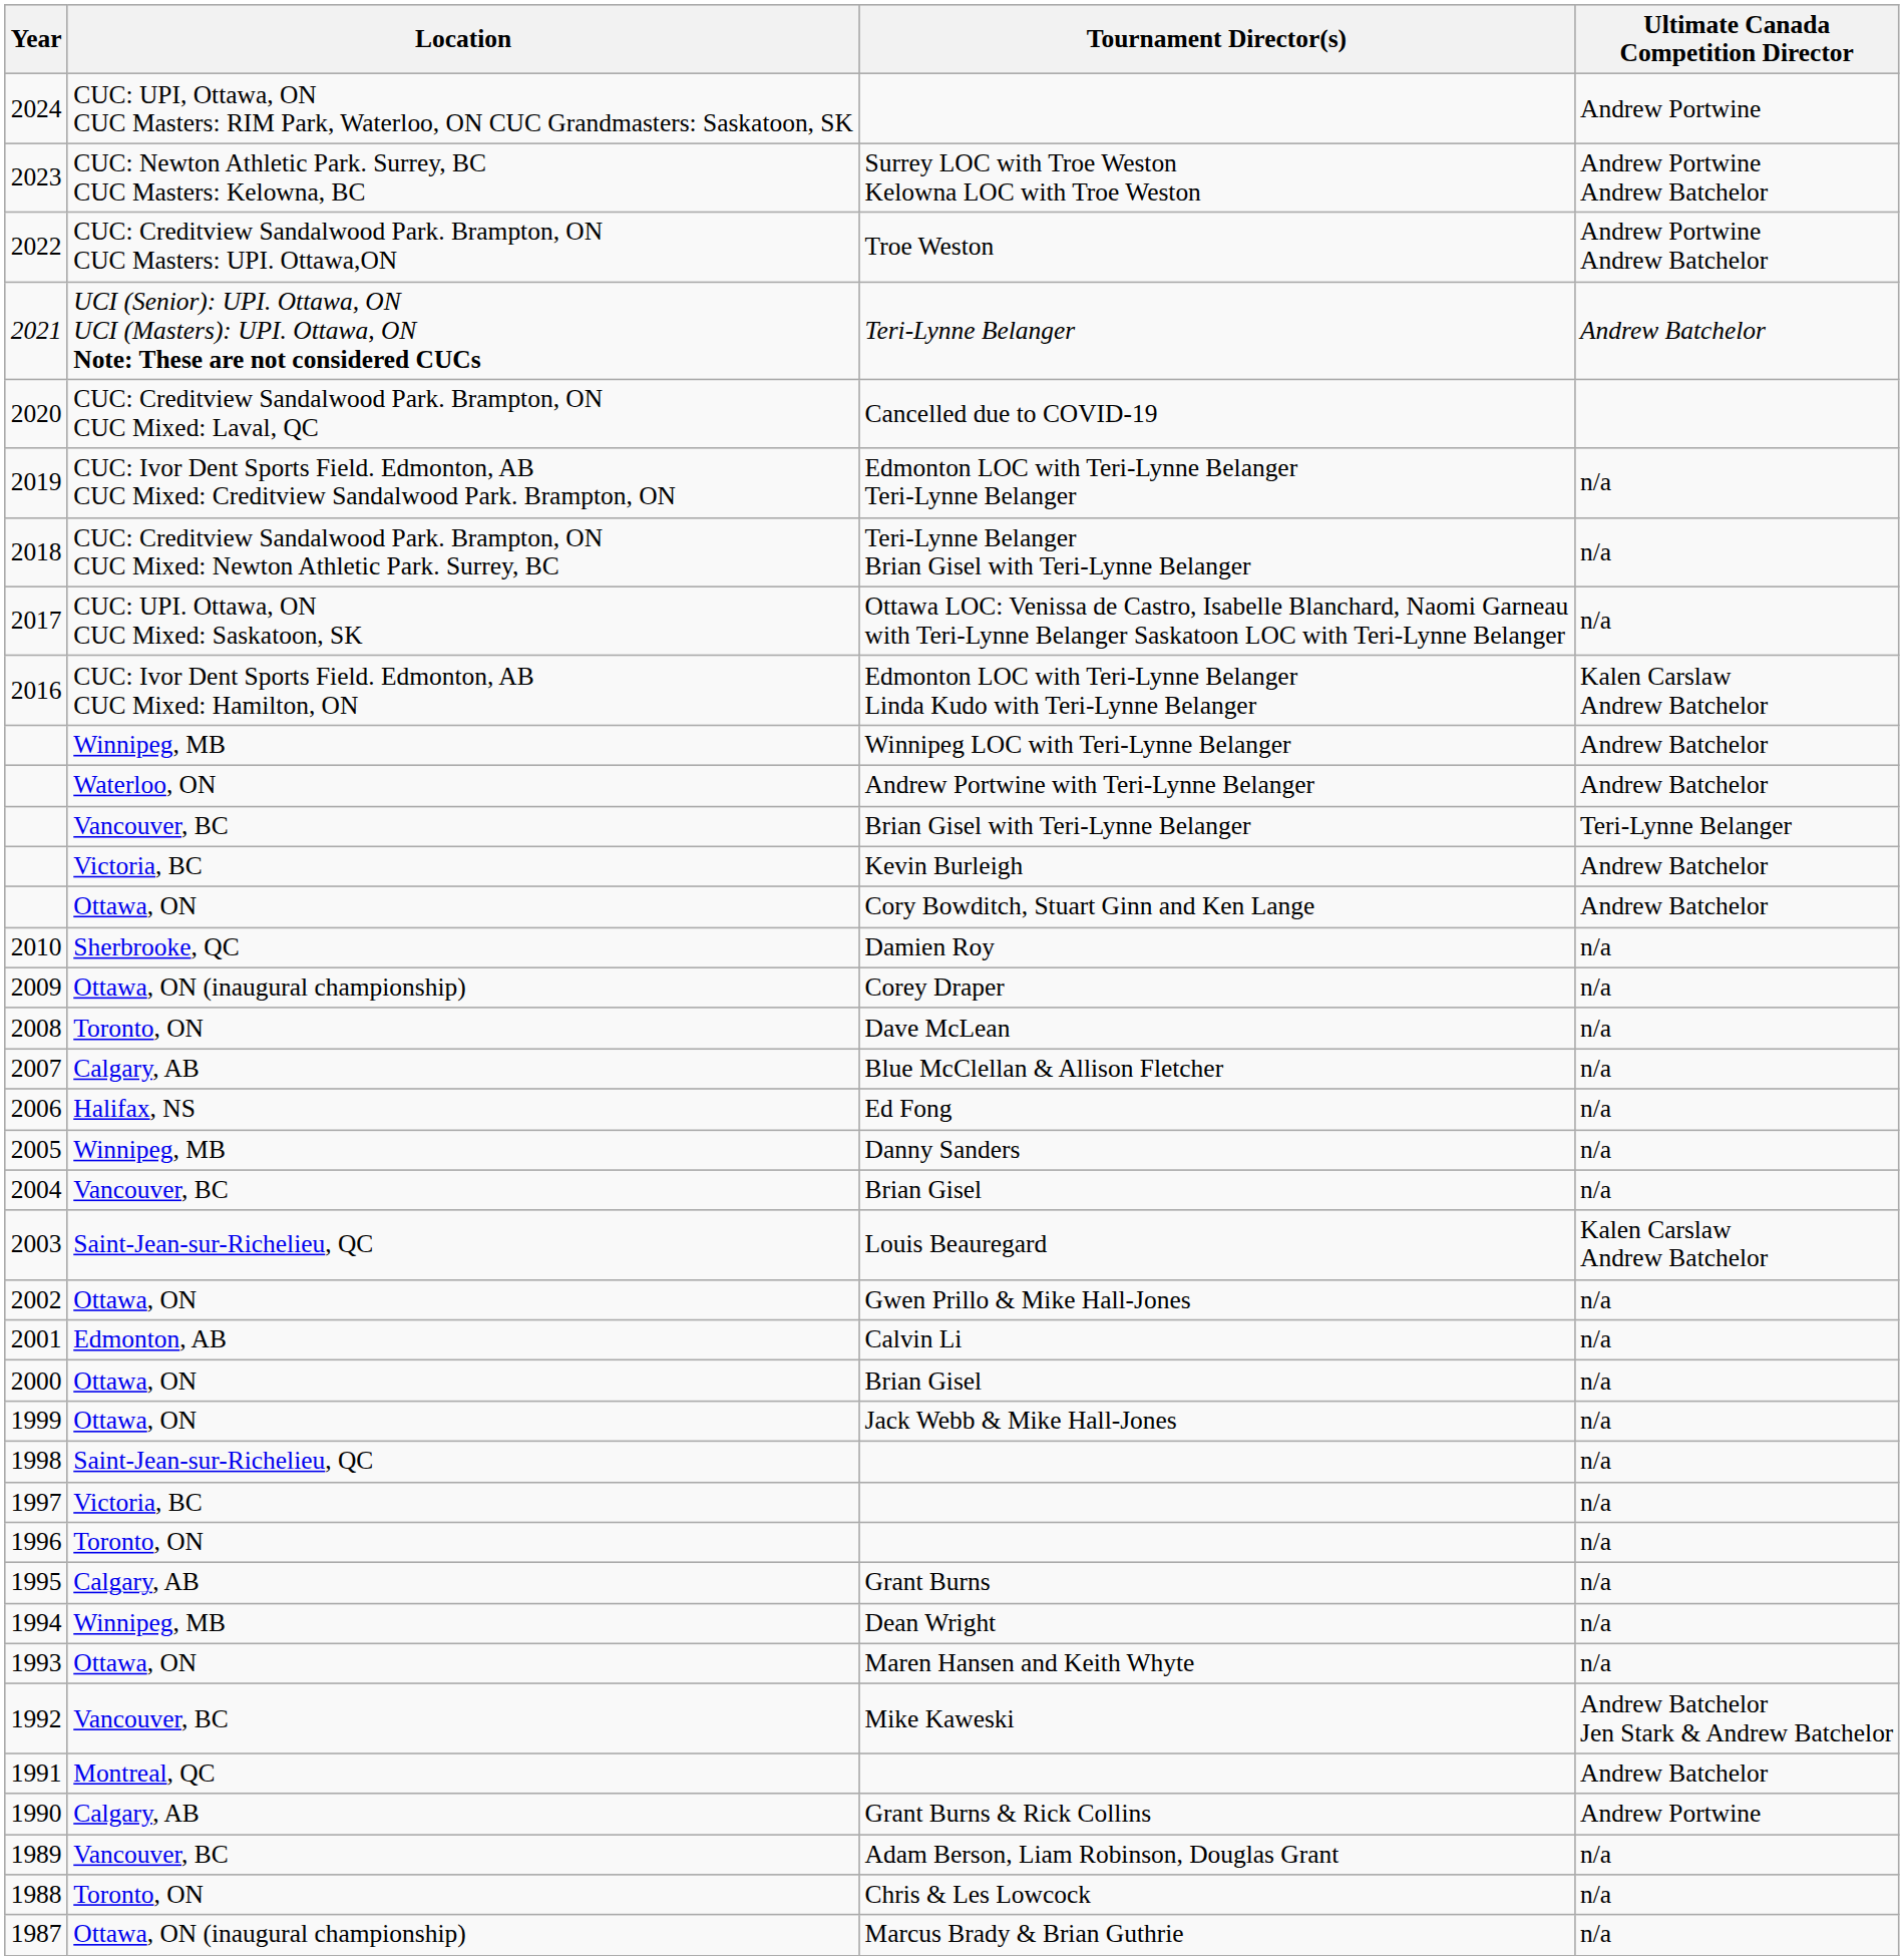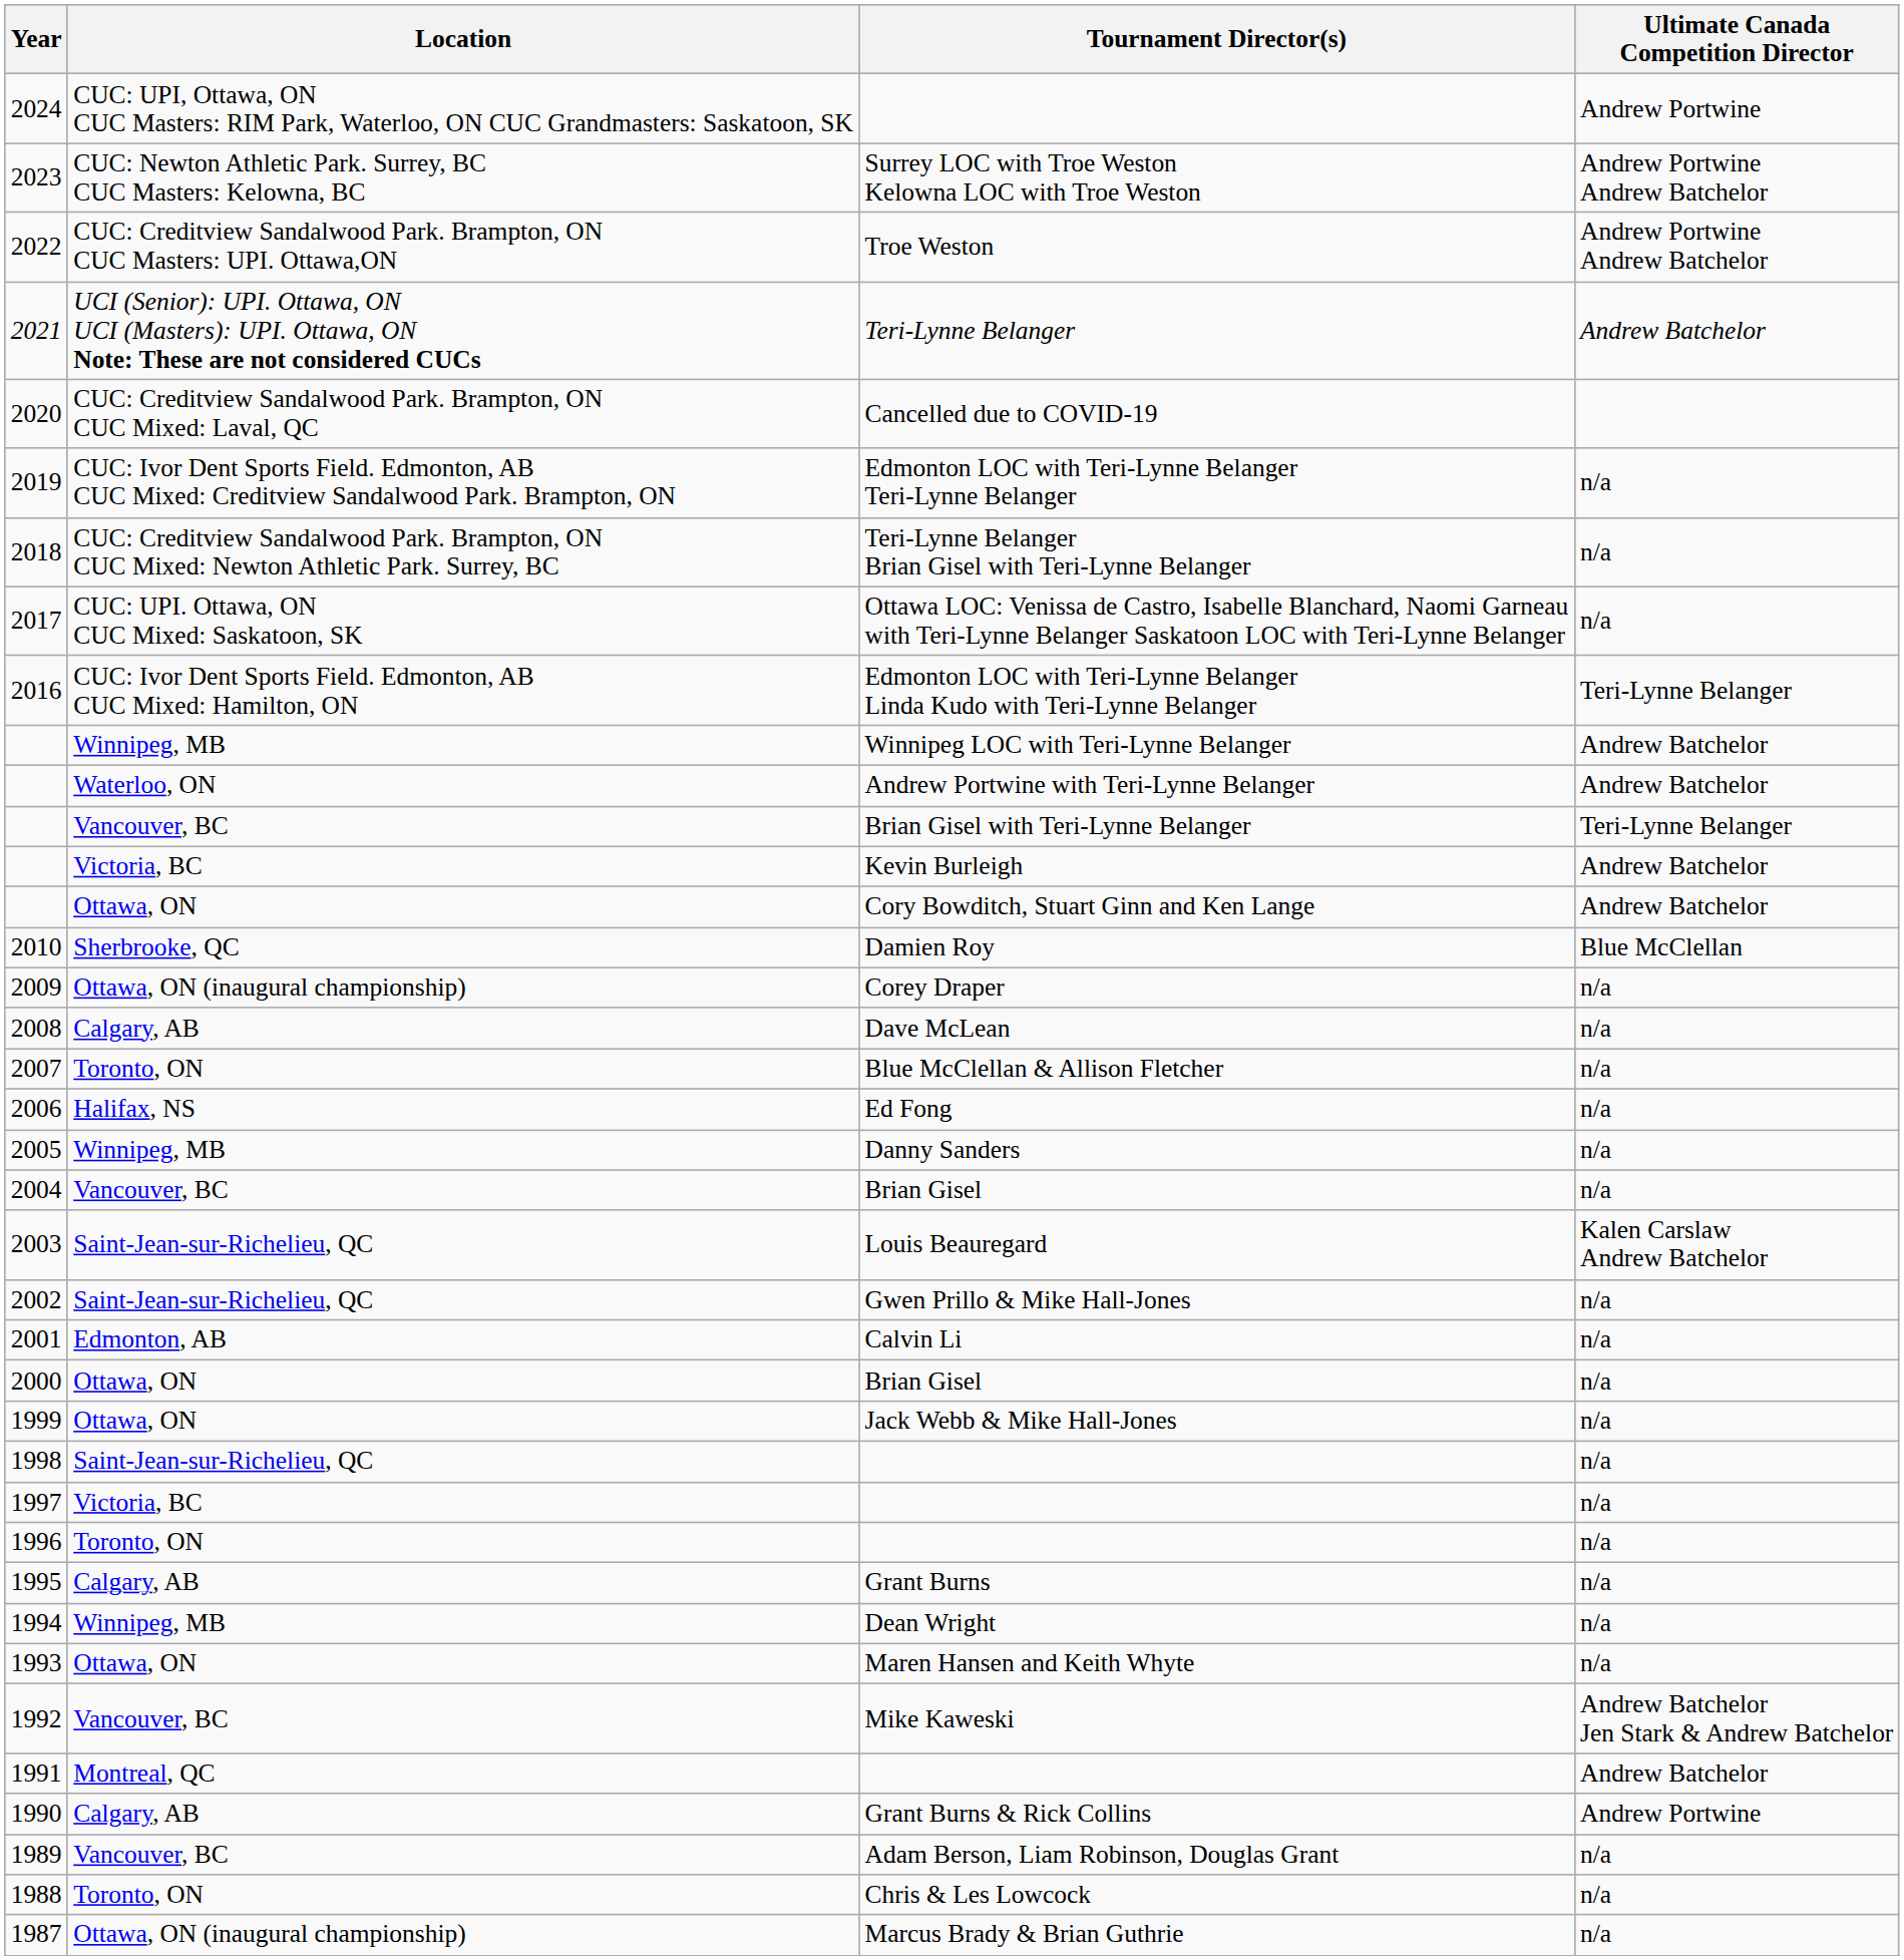 <table class="wikitable">
 <tr>
 <th>Year</th>
 <th>Location</th>
 <th>Tournament Director(s)</th>
 <th>Ultimate Canada<br>Competition Director</th>
 </tr>
 <tr>
 <td>2024</td>
 <td>CUC: UPI, Ottawa, ON<br>CUC Masters: RIM Park, Waterloo, ON CUC Grandmasters: Saskatoon, SK</td>
 <td></td>
 <td>Andrew Portwine</td>
 </tr>
 <tr>
 <td>2023</td>
 <td>CUC: Newton Athletic Park. Surrey, BC<br>CUC Masters: Kelowna, BC</td>
 <td>Surrey LOC with Troe Weston<br>Kelowna LOC with Troe Weston</td>
 <td>Andrew Portwine<br>Andrew Batchelor</td>
 </tr>
 <tr>
 <td>2022</td>
 <td>CUC: Creditview Sandalwood Park. Brampton, ON<br>CUC Masters: UPI. Ottawa,ON</td>
 <td>Troe Weston</td>
 <td>Andrew Portwine<br>Andrew Batchelor</td>
 </tr>
 <tr>
 <td><em>2021</em></td>
 <td><em>UCI (Senior): UPI. Ottawa, ON</em><br><em>UCI (Masters): UPI. Ottawa, ON</em><br><strong>Note: These are not considered CUCs</strong></td>
 <td><em>Teri-Lynne Belanger</em></td>
 <td><em>Andrew Batchelor</em></td>
 </tr>
 <tr>
 <td>2020</td>
 <td>CUC: Creditview Sandalwood Park. Brampton, ON<br>CUC Mixed: Laval, QC</td>
 <td>Cancelled due to COVID-19</td>
 <td></td>
 </tr>
 <tr>
 <td>2019</td>
 <td>CUC: Ivor Dent Sports Field. Edmonton, AB<br>CUC Mixed: Creditview Sandalwood Park. Brampton, ON</td>
 <td>Edmonton LOC with Teri-Lynne Belanger<br>Teri-Lynne Belanger</td>
 <td>n/a</td>
 </tr>
 <tr>
 <td>2018</td>
 <td>CUC: Creditview Sandalwood Park. Brampton, ON<br>CUC Mixed: Newton Athletic Park. Surrey, BC</td>
 <td>Teri-Lynne Belanger<br>Brian Gisel with Teri-Lynne Belanger</td>
 <td>n/a</td>
 </tr>
 <tr>
 <td>2017</td>
 <td>CUC: UPI. Ottawa, ON<br>CUC Mixed: Saskatoon, SK</td>
 <td>Ottawa LOC: Venissa de Castro, Isabelle Blanchard, Naomi Garneau<br>with Teri-Lynne Belanger Saskatoon LOC with Teri-Lynne Belanger</td>
 <td>n/a</td>
 </tr>
 <tr>
 <td>2016</td>
 <td>CUC: Ivor Dent Sports Field. Edmonton, AB<br>CUC Mixed: Hamilton, ON</td>
 <td>Edmonton LOC with Teri-Lynne Belanger<br>Linda Kudo with Teri-Lynne Belanger</td>
-<td>Kalen Carslaw<br>Andrew Batchelor</td>
+<td>Teri-Lynne Belanger</td>
 </tr>
 <tr>
 <td></td>
 <td><a href='#'>Winnipeg</a>, MB</td>
 <td>Winnipeg LOC with Teri-Lynne Belanger</td>
 <td>Andrew Batchelor</td>
 </tr>
 <tr>
 <td></td>
 <td><a href='#'>Waterloo</a>, ON</td>
 <td>Andrew Portwine with Teri-Lynne Belanger</td>
 <td>Andrew Batchelor</td>
 </tr>
 <tr>
 <td></td>
 <td><a href='#'>Vancouver</a>, BC</td>
 <td>Brian Gisel with Teri-Lynne Belanger</td>
 <td>Teri-Lynne Belanger</td>
 </tr>
 <tr>
 <td></td>
 <td><a href='#'>Victoria</a>, BC</td>
 <td>Kevin Burleigh</td>
 <td>Andrew Batchelor</td>
 </tr>
 <tr>
 <td></td>
 <td><a href='#'>Ottawa</a>, ON</td>
 <td>Cory Bowditch, Stuart Ginn and Ken Lange</td>
 <td>Andrew Batchelor</td>
 </tr>
 <tr>
 <td>2010</td>
 <td><a href='#'>Sherbrooke</a>, QC</td>
 <td>Damien Roy</td>
-<td>n/a</td>
+<td>Blue McClellan</td>
 </tr>
 <tr>
 <td>2009</td>
 <td><a href='#'>Ottawa</a>, ON (inaugural championship)</td>
 <td>Corey Draper</td>
 <td>n/a</td>
 </tr>
 <tr>
 <td>2008</td>
-<td><a href='#'>Toronto</a>, ON</td>
+<td><a href='#'>Calgary</a>, AB</td>
 <td>Dave McLean</td>
 <td>n/a</td>
 </tr>
 <tr>
 <td>2007</td>
-<td><a href='#'>Calgary</a>, AB</td>
+<td><a href='#'>Toronto</a>, ON</td>
 <td>Blue McClellan & Allison Fletcher</td>
 <td>n/a</td>
 </tr>
 <tr>
 <td>2006</td>
 <td><a href='#'>Halifax</a>, NS</td>
 <td>Ed Fong</td>
 <td>n/a</td>
 </tr>
 <tr>
 <td>2005</td>
 <td><a href='#'>Winnipeg</a>, MB</td>
 <td>Danny Sanders</td>
 <td>n/a</td>
 </tr>
 <tr>
 <td>2004</td>
 <td><a href='#'>Vancouver</a>, BC</td>
 <td>Brian Gisel</td>
 <td>n/a</td>
 </tr>
 <tr>
 <td>2003</td>
 <td><a href='#'>Saint-Jean-sur-Richelieu</a>, QC</td>
 <td>Louis Beauregard</td>
 <td>Kalen Carslaw<br>Andrew Batchelor</td>
 </tr>
 <tr>
 <td>2002</td>
-<td><a href='#'>Ottawa</a>, ON</td>
+<td><a href='#'>Saint-Jean-sur-Richelieu</a>, QC</td>
 <td>Gwen Prillo & Mike Hall-Jones</td>
 <td>n/a</td>
 </tr>
 <tr>
 <td>2001</td>
 <td><a href='#'>Edmonton</a>, AB</td>
 <td>Calvin Li</td>
 <td>n/a</td>
 </tr>
 <tr>
 <td>2000</td>
 <td><a href='#'>Ottawa</a>, ON</td>
 <td>Brian Gisel</td>
 <td>n/a</td>
 </tr>
 <tr>
 <td>1999</td>
 <td><a href='#'>Ottawa</a>, ON</td>
 <td>Jack Webb & Mike Hall-Jones</td>
 <td>n/a</td>
 </tr>
 <tr>
 <td>1998</td>
 <td><a href='#'>Saint-Jean-sur-Richelieu</a>, QC</td>
 <td></td>
 <td>n/a</td>
 </tr>
 <tr>
 <td>1997</td>
 <td><a href='#'>Victoria</a>, BC</td>
 <td></td>
 <td>n/a</td>
 </tr>
 <tr>
 <td>1996</td>
 <td><a href='#'>Toronto</a>, ON</td>
 <td></td>
 <td>n/a</td>
 </tr>
 <tr>
 <td>1995</td>
 <td><a href='#'>Calgary</a>, AB</td>
 <td>Grant Burns</td>
 <td>n/a</td>
 </tr>
 <tr>
 <td>1994</td>
 <td><a href='#'>Winnipeg</a>, MB</td>
 <td>Dean Wright</td>
 <td>n/a</td>
 </tr>
 <tr>
 <td>1993</td>
 <td><a href='#'>Ottawa</a>, ON</td>
 <td>Maren Hansen and Keith Whyte</td>
 <td>n/a</td>
 </tr>
 <tr>
 <td>1992</td>
 <td><a href='#'>Vancouver</a>, BC</td>
 <td>Mike Kaweski</td>
 <td>Andrew Batchelor<br>Jen Stark & Andrew Batchelor</td>
 </tr>
 <tr>
 <td>1991</td>
 <td><a href='#'>Montreal</a>, QC</td>
 <td></td>
 <td>Andrew Batchelor</td>
 </tr>
 <tr>
 <td>1990</td>
 <td><a href='#'>Calgary</a>, AB</td>
 <td>Grant Burns & Rick Collins</td>
 <td>Andrew Portwine</td>
 </tr>
 <tr>
 <td>1989</td>
 <td><a href='#'>Vancouver</a>, BC</td>
 <td>Adam Berson, Liam Robinson, Douglas Grant</td>
 <td>n/a</td>
 </tr>
 <tr>
 <td>1988</td>
 <td><a href='#'>Toronto</a>, ON</td>
 <td>Chris & Les Lowcock</td>
 <td>n/a</td>
 </tr>
 <tr>
 <td>1987</td>
 <td><a href='#'>Ottawa</a>, ON (inaugural championship)</td>
 <td>Marcus Brady & Brian Guthrie</td>
 <td>n/a</td>
 </tr>
 <tr>
 </tr>
 </table>
